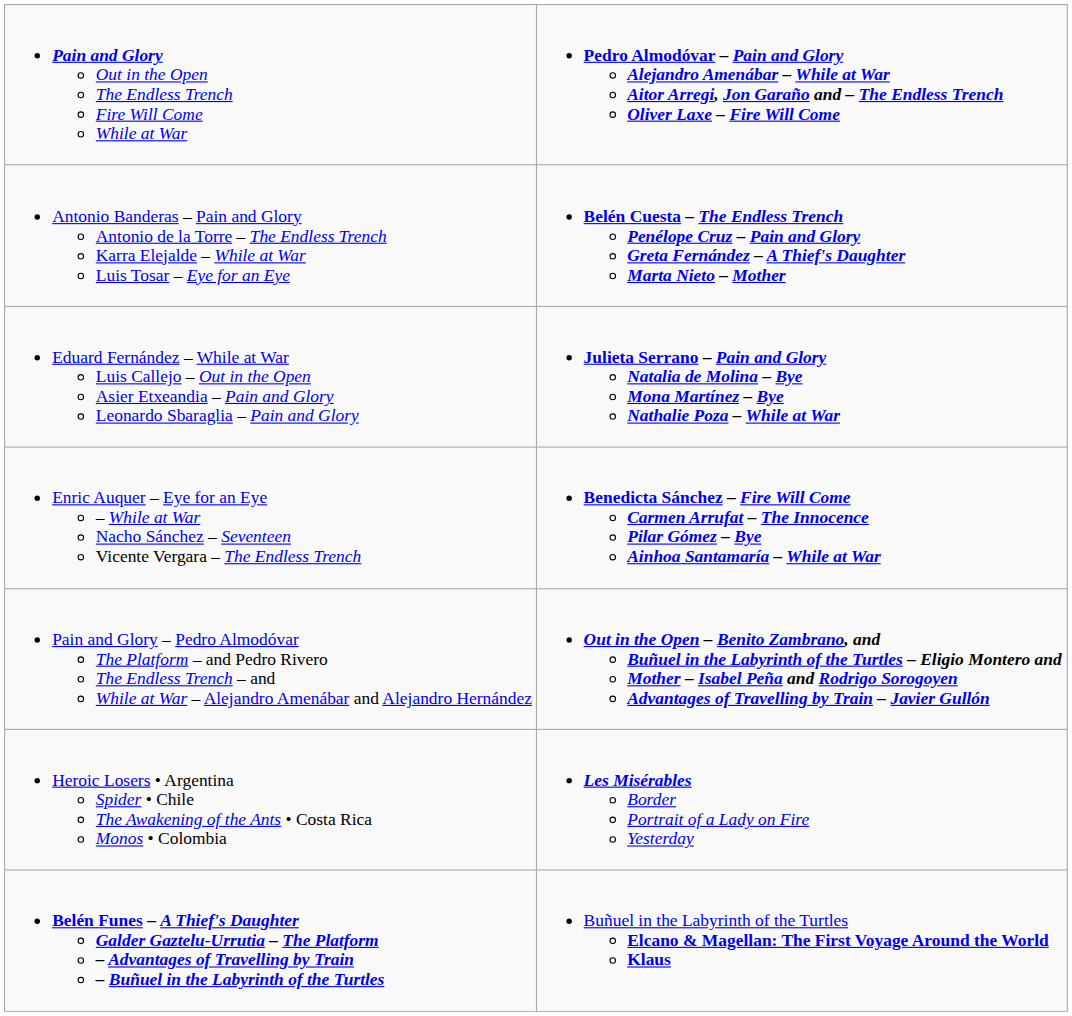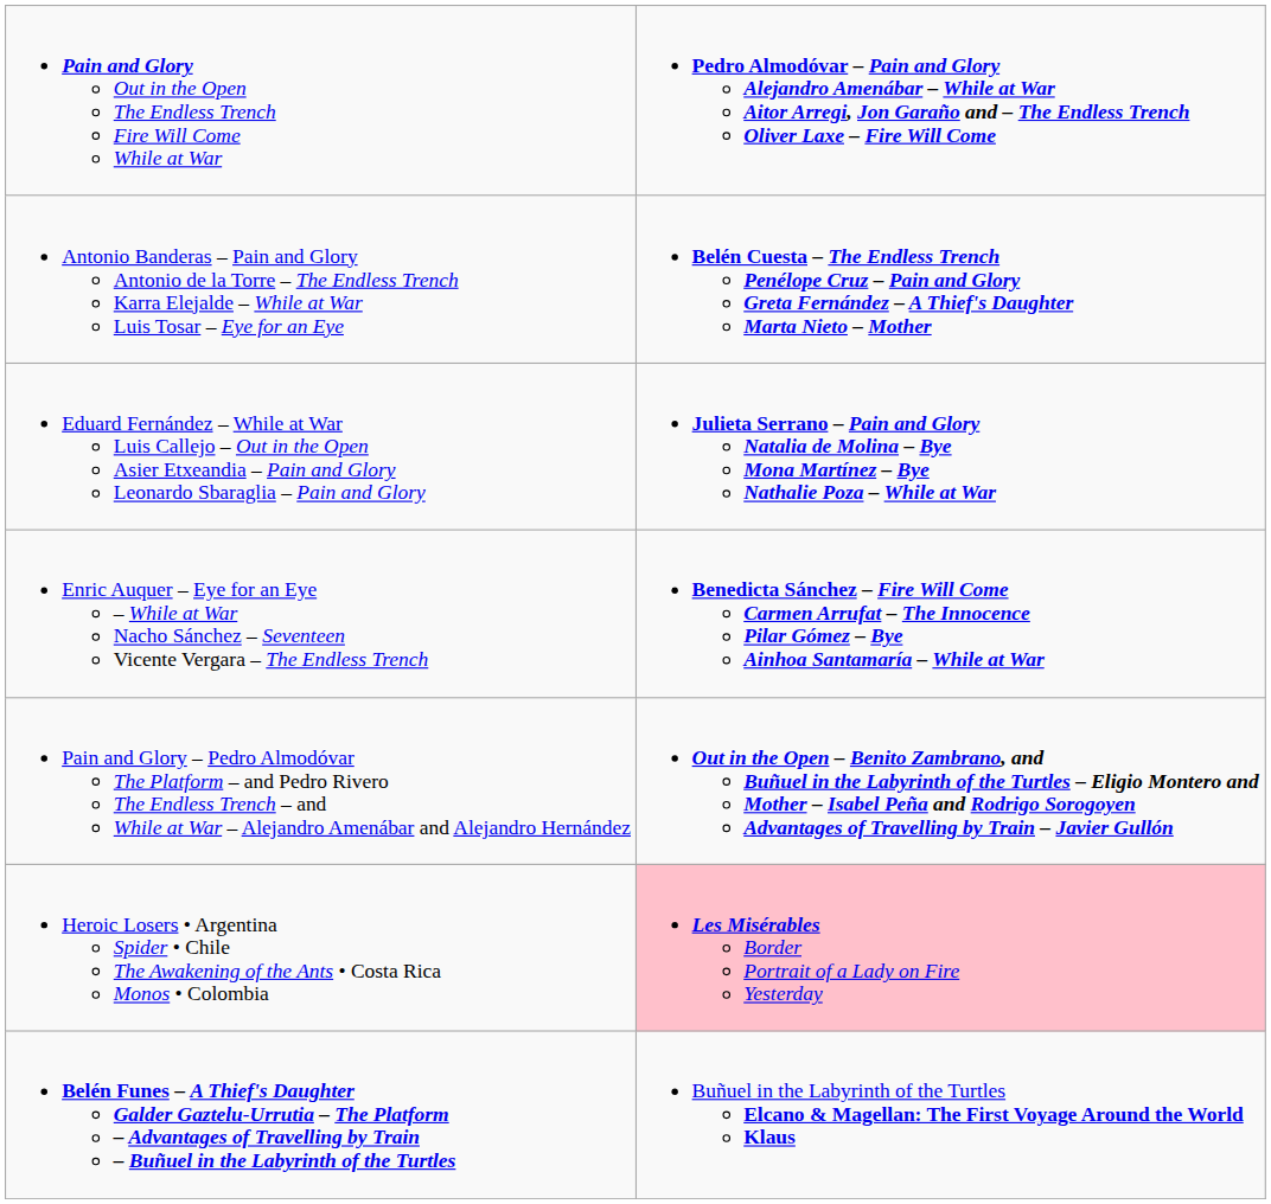 <table class=wikitable style="width=100%">
 <tr>
 <td style="vertical-align:top;" width="50%"><br><ul><li><strong><em><a href='#'>Pain and Glory</a></em></strong><ul><li><em><a href='#'>Out in the Open</a></em></li><li><em><a href='#'>The Endless Trench</a></em></li><li><em><a href='#'>Fire Will Come</a></em></li><li><em><a href='#'>While at War</a></em></li></ul></li></ul></td>
 <td style="vertical-align:top;" width="50%"><br><ul><li><strong><a href='#'>Pedro Almodóvar</a> – <em><a href='#'>Pain and Glory</a><strong><em><ul><li><a href='#'>Alejandro Amenábar</a> – </em><a href='#'>While at War</a><em></li><li><a href='#'>Aitor Arregi</a>, <a href='#'>Jon Garaño</a> and  – </em><a href='#'>The Endless Trench</a><em></li><li><a href='#'>Oliver Laxe</a> – </em><a href='#'>Fire Will Come</a><em></li></ul></li></ul></td>
 </tr>
 <tr>
 <td style="vertical-align:top;" width="50%"><br><ul><li></strong><a href='#'>Antonio Banderas</a> – </em><a href='#'>Pain and Glory</a></em></strong><ul><li><a href='#'>Antonio de la Torre</a> – <em><a href='#'>The Endless Trench</a></em></li><li><a href='#'>Karra Elejalde</a> – <em><a href='#'>While at War</a></em></li><li><a href='#'>Luis Tosar</a> – <em><a href='#'>Eye for an Eye</a></em></li></ul></li></ul></td>
 <td style="vertical-align:top;" width="50%"><br><ul><li><strong><a href='#'>Belén Cuesta</a> – <em><a href='#'>The Endless Trench</a><strong><em><ul><li><a href='#'>Penélope Cruz</a> – </em><a href='#'>Pain and Glory</a><em></li><li><a href='#'>Greta Fernández</a> – </em><a href='#'>A Thief's Daughter</a><em></li><li><a href='#'>Marta Nieto</a> – </em><a href='#'>Mother</a><em></li></ul></li></ul></td>
 </tr>
 <tr>
 <td style="vertical-align:top;" width="50%"><br><ul><li></strong><a href='#'>Eduard Fernández</a> – </em><a href='#'>While at War</a></em></strong><ul><li><a href='#'>Luis Callejo</a> – <em><a href='#'>Out in the Open</a></em></li><li><a href='#'>Asier Etxeandia</a> – <em><a href='#'>Pain and Glory</a></em></li><li><a href='#'>Leonardo Sbaraglia</a> – <em><a href='#'>Pain and Glory</a></em></li></ul></li></ul></td>
 <td style="vertical-align:top;" width="50%"><br><ul><li><strong><a href='#'>Julieta Serrano</a> – <em><a href='#'>Pain and Glory</a><strong><em><ul><li><a href='#'>Natalia de Molina</a> – </em><a href='#'>Bye</a><em></li><li><a href='#'>Mona Martínez</a> – </em><a href='#'>Bye</a><em></li><li><a href='#'>Nathalie Poza</a> – </em><a href='#'>While at War</a><em></li></ul></li></ul></td>
 </tr>
 <tr>
 <td style="vertical-align:top;" width="50%"><br><ul><li></strong><a href='#'>Enric Auquer</a> – </em><a href='#'>Eye for an Eye</a></em></strong><ul><li> – <em><a href='#'>While at War</a></em></li><li><a href='#'>Nacho Sánchez</a> – <em><a href='#'>Seventeen</a></em></li><li>Vicente Vergara – <em><a href='#'>The Endless Trench</a></em></li></ul></li></ul></td>
 <td style="vertical-align:top;" width="50%"><br><ul><li><strong><a href='#'>Benedicta Sánchez</a> – <em><a href='#'>Fire Will Come</a><strong><em><ul><li><a href='#'>Carmen Arrufat</a> – </em><a href='#'>The Innocence</a><em></li><li><a href='#'>Pilar Gómez</a> – </em><a href='#'>Bye</a><em></li><li><a href='#'>Ainhoa Santamaría</a> – </em><a href='#'>While at War</a><em></li></ul></li></ul></td>
 </tr>
 <tr>
 <td style="vertical-align:top;" width="50%"><br><ul><li></em></strong><a href='#'>Pain and Glory</a></em> – <a href='#'>Pedro Almodóvar</a></strong><ul><li><em><a href='#'>The Platform</a></em> –  and Pedro Rivero</li><li><em><a href='#'>The Endless Trench</a></em> –  and </li><li><em><a href='#'>While at War</a></em> – <a href='#'>Alejandro Amenábar</a> and <a href='#'>Alejandro Hernández</a></li></ul></li></ul></td>
 <td style="vertical-align:top;" width="50%"><br><ul><li><strong><em><a href='#'>Out in the Open</a><em> – <a href='#'>Benito Zambrano</a>,  and <strong><ul><li></em><a href='#'>Buñuel in the Labyrinth of the Turtles</a><em> – Eligio Montero and </li><li></em><a href='#'>Mother</a><em> – <a href='#'>Isabel Peña</a> and <a href='#'>Rodrigo Sorogoyen</a></li><li></em><a href='#'>Advantages of Travelling by Train</a><em> – <a href='#'>Javier Gullón</a></li></ul></li></ul></td>
 </tr>
 <tr>
 <td style="vertical-align:top;" width="50%"><br><ul><li></em></strong><a href='#'>Heroic Losers</a></em> • Argentina</strong><ul><li><em><a href='#'>Spider</a></em> • Chile</li><li><em><a href='#'>The Awakening of the Ants</a></em> • Costa Rica</li><li><em><a href='#'>Monos</a></em> • Colombia</li></ul></li></ul></td>
-<td style="vertical-align:top;" width="50%"><br><ul><li><strong><em><a href='#'>Les Misérables</a></em></strong><ul><li><em><a href='#'>Border</a></em></li><li><em><a href='#'>Portrait of a Lady on Fire</a></em></li><li><em><a href='#'>Yesterday</a></em></li></ul></li></ul></td>
+<td style="background: pink; vertical-align:top;" width="50%"><br><ul><li><strong><em><a href='#'>Les Misérables</a></em></strong><ul><li><em><a href='#'>Border</a></em></li><li><em><a href='#'>Portrait of a Lady on Fire</a></em></li><li><em><a href='#'>Yesterday</a></em></li></ul></li></ul></td>
 </tr>
 <tr>
 <td style="vertical-align:top;" width="50%"><br><ul><li><strong><a href='#'>Belén Funes</a> – <em><a href='#'>A Thief's Daughter</a><strong><em><ul><li><a href='#'>Galder Gaztelu-Urrutia</a> – </em><a href='#'>The Platform</a><em></li><li> – </em><a href='#'>Advantages of Travelling by Train</a><em></li><li> – </em><a href='#'>Buñuel in the Labyrinth of the Turtles</a><em></li></ul></li></ul></td>
 <td style="vertical-align:top;" width="50%"><br><ul><li></em></strong><a href='#'>Buñuel in the Labyrinth of the Turtles</a><strong><em><ul><li></em><a href='#'>Elcano & Magellan: The First Voyage Around the World</a><em></li><li></em><a href='#'>Klaus</a><em></li></ul></li></ul></td>
 </tr>
 </table>
